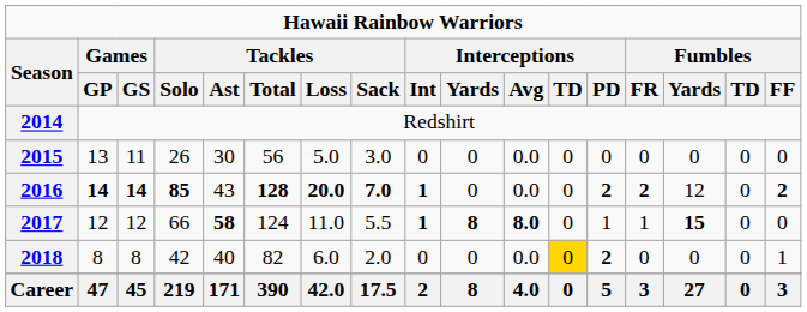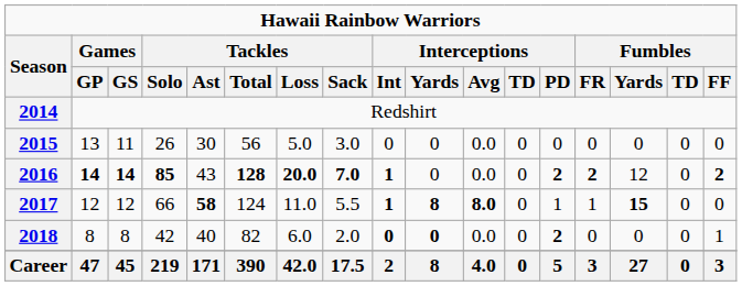 <table class="wikitable" style="text-align:center;">
 <tr>
 <td ! colspan="18"><strong>Hawaii Rainbow Warriors</strong></td>
 </tr>
 <tr>
 <th rowspan="2">Season</th>
 <th colspan="2">Games</th>
 <th colspan="5">Tackles</th>
 <th colspan="5">Interceptions</th>
 <th colspan="4">Fumbles</th>
 </tr>
 <tr>
 <th>GP</th>
 <th>GS</th>
 <th>Solo</th>
 <th>Ast</th>
 <th>Total</th>
 <th>Loss</th>
 <th>Sack</th>
 <th>Int</th>
 <th>Yards</th>
 <th>Avg</th>
 <th>TD</th>
 <th>PD</th>
 <th>FR</th>
 <th>Yards</th>
 <th>TD</th>
 <th>FF</th>
 </tr>
 <tr>
 <th><a href='#'>2014</a></th>
 <td colspan="16"> Redshirt</td>
 </tr>
 <tr>
 <th><a href='#'>2015</a></th>
 <td>13</td>
 <td>11</td>
 <td>26</td>
 <td>30</td>
 <td>56</td>
 <td>5.0</td>
 <td>3.0</td>
 <td>0</td>
 <td>0</td>
 <td>0.0</td>
 <td>0</td>
 <td>0</td>
 <td>0</td>
 <td>0</td>
 <td>0</td>
 <td>0</td>
 </tr>
 <tr>
 <th><a href='#'>2016</a></th>
 <td><strong>14</strong></td>
 <td><strong>14</strong></td>
 <td><strong>85</strong></td>
 <td>43</td>
 <td><strong>128</strong></td>
 <td><strong>20.0</strong></td>
 <td><strong>7.0</strong></td>
 <td><strong>1</strong></td>
 <td>0</td>
 <td>0.0</td>
 <td>0</td>
 <td><strong>2</strong></td>
 <td><strong>2</strong></td>
 <td>12</td>
 <td>0</td>
 <td><strong>2</strong></td>
 </tr>
 <tr>
 <th><a href='#'>2017</a></th>
 <td>12</td>
 <td>12</td>
 <td>66</td>
 <td><strong>58</strong></td>
 <td>124</td>
 <td>11.0</td>
 <td>5.5</td>
 <td><strong>1</strong></td>
 <td><strong>8</strong></td>
 <td><strong>8.0</strong></td>
 <td>0</td>
 <td>1</td>
 <td>1</td>
 <td><strong>15</strong></td>
 <td>0</td>
 <td>0</td>
 </tr>
 <tr>
 <th><a href='#'>2018</a></th>
 <td>8</td>
 <td>8</td>
 <td>42</td>
 <td>40</td>
 <td>82</td>
 <td>6.0</td>
 <td>2.0</td>
+<td><strong>0</strong></td>
+<td><strong>0</strong></td>
+<td>0.0</td>
 <td>0</td>
-<td>0</td>
-<td>0.0</td>
-<td style="background: gold;">0</td>
 <td><strong>2</strong></td>
 <td>0</td>
 <td>0</td>
 <td>0</td>
 <td>1</td>
 </tr>
 <tr>
 </tr>
 <tr>
 <th>Career</th>
 <th>47</th>
 <th>45</th>
 <th>219</th>
 <th>171</th>
 <th>390</th>
 <th>42.0</th>
 <th>17.5</th>
 <th>2</th>
 <th>8</th>
 <th>4.0</th>
 <th>0</th>
 <th>5</th>
 <th>3</th>
 <th>27</th>
 <th>0</th>
 <th>3</th>
 </tr>
 </table>
